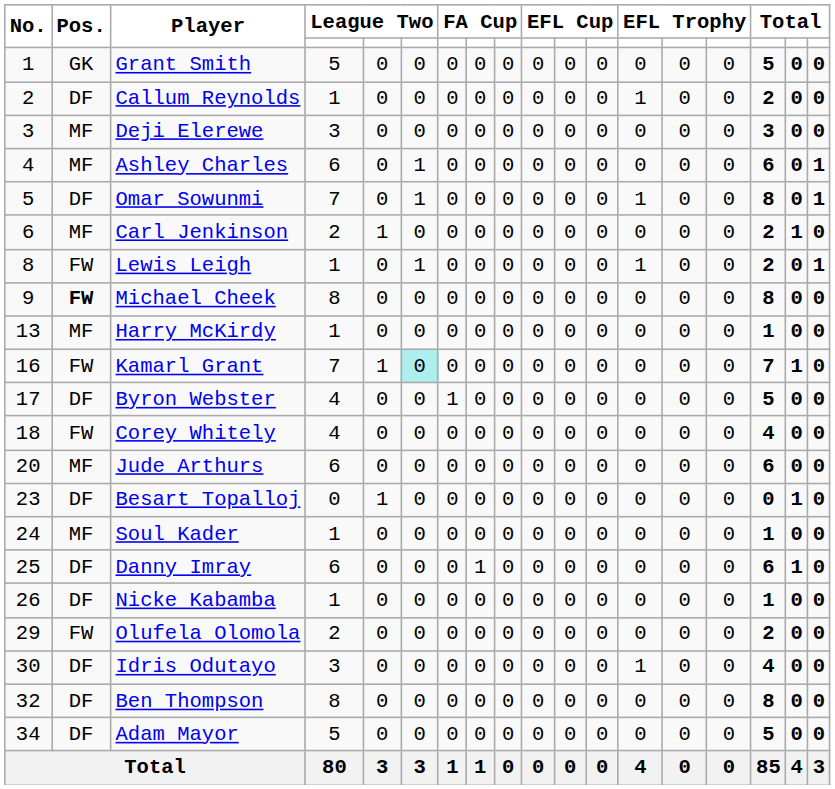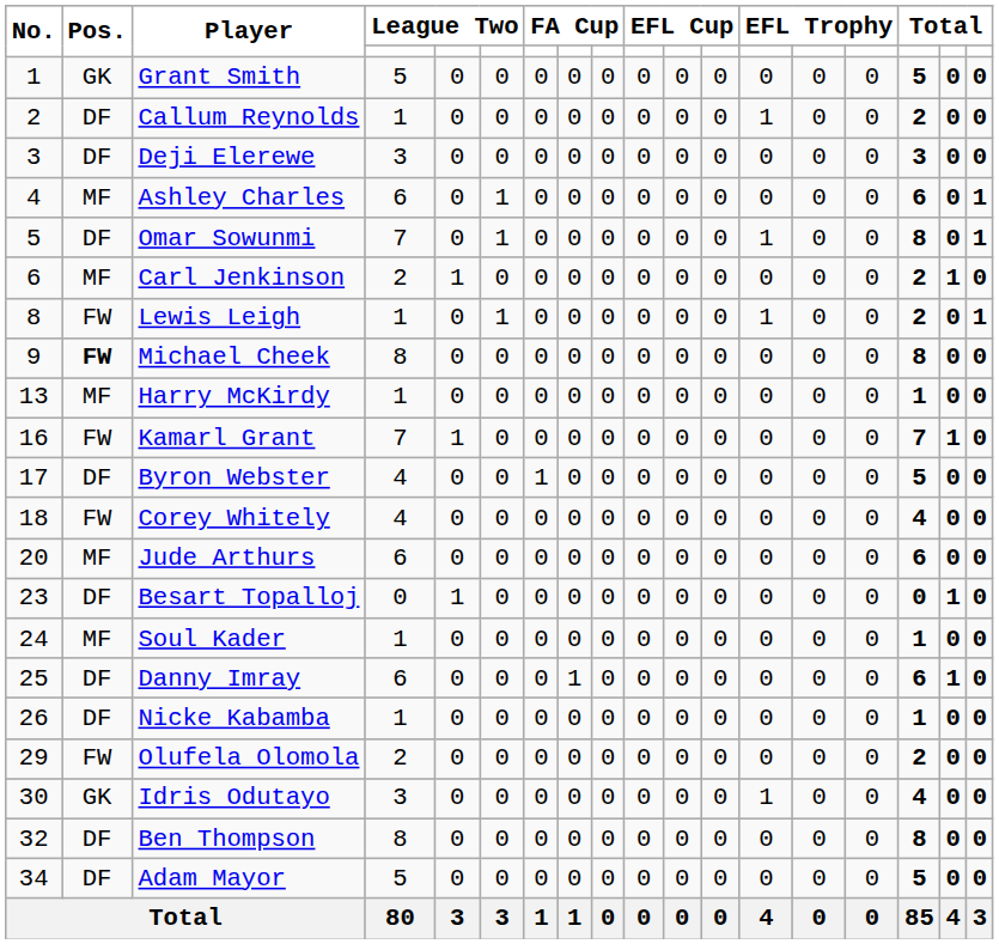 <table class="wikitable sortable" style="text-align:center">
 <tr>
 <th rowspan="2" style="background-color:white;color:black;">No.</th>
 <th rowspan="2" style="background-color:white;color:black;">Pos.</th>
 <th rowspan="2" style="background-color:white;color:black;">Player</th>
 <th colspan="3" style="background-color:white;color:black;">League Two</th>
 <th colspan="3" style="background-color:white;color:black;">FA Cup</th>
 <th colspan="3" style="background-color:white;color:black;">EFL Cup</th>
 <th colspan="3" style="background-color:white;color:black;">EFL Trophy</th>
 <th colspan="3" style="background-color:white;color:black;">Total</th>
 </tr>
 <tr>
 <th style="background-color:white;"></th>
 <th style="background-color:white;"></th>
 <th style="background-color:white;"></th>
 <th style="background-color:white;"></th>
 <th style="background-color:white;"></th>
 <th style="background-color:white;"></th>
 <th style="background-color:white;"></th>
 <th style="background-color:white;"></th>
 <th style="background-color:white;"></th>
 <th style="background-color:white;"></th>
 <th style="background-color:white;"></th>
 <th style="background-color:white;"></th>
 <th style="background-color:white;"></th>
 <th style="background-color:white;"></th>
 <th style="background-color:white;"></th>
 </tr>
 <tr>
 <td>1</td>
 <td>GK</td>
 <td align="left" style="text-align:left;"> <a href='#'>Grant Smith</a></td>
 <td>5</td>
 <td>0</td>
 <td>0</td>
 <td>0</td>
 <td>0</td>
 <td>0</td>
 <td>0</td>
 <td>0</td>
 <td>0</td>
 <td>0</td>
 <td>0</td>
 <td>0</td>
 <td><strong>5</strong></td>
 <td><strong>0</strong></td>
 <td><strong>0</strong></td>
 </tr>
 <tr>
 <td>2</td>
 <td>DF</td>
 <td align="left" style="text-align:left;"> <a href='#'>Callum Reynolds</a></td>
 <td>1</td>
 <td>0</td>
 <td>0</td>
 <td>0</td>
 <td>0</td>
 <td>0</td>
 <td>0</td>
 <td>0</td>
 <td>0</td>
 <td>1</td>
 <td>0</td>
 <td>0</td>
 <td><strong>2</strong></td>
 <td><strong>0</strong></td>
 <td><strong>0</strong></td>
 </tr>
 <tr>
 <td>3</td>
-<td>MF</td>
+<td>DF</td>
 <td align="left" style="text-align:left;"> <a href='#'>Deji Elerewe</a></td>
 <td>3</td>
 <td>0</td>
 <td>0</td>
 <td>0</td>
 <td>0</td>
 <td>0</td>
 <td>0</td>
 <td>0</td>
 <td>0</td>
 <td>0</td>
 <td>0</td>
 <td>0</td>
 <td><strong>3</strong></td>
 <td><strong>0</strong></td>
 <td><strong>0</strong></td>
 </tr>
 <tr>
 <td>4</td>
 <td>MF</td>
 <td align="left" style="text-align:left;"> <a href='#'>Ashley Charles</a></td>
 <td>6</td>
 <td>0</td>
 <td>1</td>
 <td>0</td>
 <td>0</td>
 <td>0</td>
 <td>0</td>
 <td>0</td>
 <td>0</td>
 <td>0</td>
 <td>0</td>
 <td>0</td>
 <td><strong>6</strong></td>
 <td><strong>0</strong></td>
 <td><strong>1</strong></td>
 </tr>
 <tr>
 <td>5</td>
 <td>DF</td>
 <td align="left" style="text-align:left;"> <a href='#'>Omar Sowunmi</a></td>
 <td>7</td>
 <td>0</td>
 <td>1</td>
 <td>0</td>
 <td>0</td>
 <td>0</td>
 <td>0</td>
 <td>0</td>
 <td>0</td>
 <td>1</td>
 <td>0</td>
 <td>0</td>
 <td><strong>8</strong></td>
 <td><strong>0</strong></td>
 <td><strong>1</strong></td>
 </tr>
 <tr>
 <td>6</td>
 <td>MF</td>
 <td align="left" style="text-align:left;"> <a href='#'>Carl Jenkinson</a></td>
 <td>2</td>
 <td>1</td>
 <td>0</td>
 <td>0</td>
 <td>0</td>
 <td>0</td>
 <td>0</td>
 <td>0</td>
 <td>0</td>
 <td>0</td>
 <td>0</td>
 <td>0</td>
 <td><strong>2</strong></td>
 <td><strong>1</strong></td>
 <td><strong>0</strong></td>
 </tr>
 <tr>
 <td>8</td>
 <td>FW</td>
 <td align="left" style="text-align:left;"> <a href='#'>Lewis Leigh</a></td>
 <td>1</td>
 <td>0</td>
 <td>1</td>
 <td>0</td>
 <td>0</td>
 <td>0</td>
 <td>0</td>
 <td>0</td>
 <td>0</td>
 <td>1</td>
 <td>0</td>
 <td>0</td>
 <td><strong>2</strong></td>
 <td><strong>0</strong></td>
 <td><strong>1</strong></td>
 </tr>
 <tr>
 <td>9</td>
 <td><strong>FW</strong></td>
 <td align="left" style="text-align:left;"> <a href='#'>Michael Cheek</a></td>
 <td>8</td>
 <td>0</td>
 <td>0</td>
 <td>0</td>
 <td>0</td>
 <td>0</td>
 <td>0</td>
 <td>0</td>
 <td>0</td>
 <td>0</td>
 <td>0</td>
 <td>0</td>
 <td><strong>8</strong></td>
 <td><strong>0</strong></td>
 <td><strong>0</strong></td>
 </tr>
 <tr>
 <td>13</td>
 <td>MF</td>
 <td align="left" style="text-align:left;"> <a href='#'>Harry McKirdy</a></td>
 <td>1</td>
 <td>0</td>
 <td>0</td>
 <td>0</td>
 <td>0</td>
 <td>0</td>
 <td>0</td>
 <td>0</td>
 <td>0</td>
 <td>0</td>
 <td>0</td>
 <td>0</td>
 <td><strong>1</strong></td>
 <td><strong>0</strong></td>
 <td><strong>0</strong></td>
 </tr>
 <tr>
 <td>16</td>
 <td>FW</td>
 <td align="left" style="text-align:left;"> <a href='#'>Kamarl Grant</a></td>
 <td>7</td>
 <td>1</td>
-<td style="background: paleturquoise;">0</td>
+<td>0</td>
 <td>0</td>
 <td>0</td>
 <td>0</td>
 <td>0</td>
 <td>0</td>
 <td>0</td>
 <td>0</td>
 <td>0</td>
 <td>0</td>
 <td><strong>7</strong></td>
 <td><strong>1</strong></td>
 <td><strong>0</strong></td>
 </tr>
 <tr>
 <td>17</td>
 <td>DF</td>
 <td align="left" style="text-align:left;"> <a href='#'>Byron Webster</a></td>
 <td>4</td>
 <td>0</td>
 <td>0</td>
 <td>1</td>
 <td>0</td>
 <td>0</td>
 <td>0</td>
 <td>0</td>
 <td>0</td>
 <td>0</td>
 <td>0</td>
 <td>0</td>
 <td><strong>5</strong></td>
 <td><strong>0</strong></td>
 <td><strong>0</strong></td>
 </tr>
 <tr>
 <td>18</td>
 <td>FW</td>
 <td align="left" style="text-align:left;"> <a href='#'>Corey Whitely</a></td>
 <td>4</td>
 <td>0</td>
 <td>0</td>
 <td>0</td>
 <td>0</td>
 <td>0</td>
 <td>0</td>
 <td>0</td>
 <td>0</td>
 <td>0</td>
 <td>0</td>
 <td>0</td>
 <td><strong>4</strong></td>
 <td><strong>0</strong></td>
 <td><strong>0</strong></td>
 </tr>
 <tr>
 <td>20</td>
 <td>MF</td>
 <td align="left" style="text-align:left;"> <a href='#'>Jude Arthurs</a></td>
 <td>6</td>
 <td>0</td>
 <td>0</td>
 <td>0</td>
 <td>0</td>
 <td>0</td>
 <td>0</td>
 <td>0</td>
 <td>0</td>
 <td>0</td>
 <td>0</td>
 <td>0</td>
 <td><strong>6</strong></td>
 <td><strong>0</strong></td>
 <td><strong>0</strong></td>
 </tr>
 <tr>
 <td>23</td>
 <td>DF</td>
 <td align="left" style="text-align:left;"> <a href='#'>Besart Topalloj</a></td>
 <td>0</td>
 <td>1</td>
 <td>0</td>
 <td>0</td>
 <td>0</td>
 <td>0</td>
 <td>0</td>
 <td>0</td>
 <td>0</td>
 <td>0</td>
 <td>0</td>
 <td>0</td>
 <td><strong>0</strong></td>
 <td><strong>1</strong></td>
 <td><strong>0</strong></td>
 </tr>
 <tr>
 <td>24</td>
 <td>MF</td>
 <td align="left" style="text-align:left;"> <a href='#'>Soul Kader</a></td>
 <td>1</td>
 <td>0</td>
 <td>0</td>
 <td>0</td>
 <td>0</td>
 <td>0</td>
 <td>0</td>
 <td>0</td>
 <td>0</td>
 <td>0</td>
 <td>0</td>
 <td>0</td>
 <td><strong>1</strong></td>
 <td><strong>0</strong></td>
 <td><strong>0</strong></td>
 </tr>
 <tr>
 <td>25</td>
 <td>DF</td>
 <td align="left" style="text-align:left;"> <a href='#'>Danny Imray</a></td>
 <td>6</td>
 <td>0</td>
 <td>0</td>
 <td>0</td>
 <td>1</td>
 <td>0</td>
 <td>0</td>
 <td>0</td>
 <td>0</td>
 <td>0</td>
 <td>0</td>
 <td>0</td>
 <td><strong>6</strong></td>
 <td><strong>1</strong></td>
 <td><strong>0</strong></td>
 </tr>
 <tr>
 <td>26</td>
 <td>DF</td>
 <td align="left" style="text-align:left;"> <a href='#'>Nicke Kabamba</a></td>
 <td>1</td>
 <td>0</td>
 <td>0</td>
 <td>0</td>
 <td>0</td>
 <td>0</td>
 <td>0</td>
 <td>0</td>
 <td>0</td>
 <td>0</td>
 <td>0</td>
 <td>0</td>
 <td><strong>1</strong></td>
 <td><strong>0</strong></td>
 <td><strong>0</strong></td>
 </tr>
 <tr>
 <td>29</td>
 <td>FW</td>
 <td align="left" style="text-align:left;"> <a href='#'>Olufela Olomola</a></td>
 <td>2</td>
 <td>0</td>
 <td>0</td>
 <td>0</td>
 <td>0</td>
 <td>0</td>
 <td>0</td>
 <td>0</td>
 <td>0</td>
 <td>0</td>
 <td>0</td>
 <td>0</td>
 <td><strong>2</strong></td>
 <td><strong>0</strong></td>
 <td><strong>0</strong></td>
 </tr>
 <tr>
 <td>30</td>
-<td>DF</td>
+<td>GK</td>
 <td align="left" style="text-align:left;"> <a href='#'>Idris Odutayo</a></td>
 <td>3</td>
 <td>0</td>
 <td>0</td>
 <td>0</td>
 <td>0</td>
 <td>0</td>
 <td>0</td>
 <td>0</td>
 <td>0</td>
 <td>1</td>
 <td>0</td>
 <td>0</td>
 <td><strong>4</strong></td>
 <td><strong>0</strong></td>
 <td><strong>0</strong></td>
 </tr>
 <tr>
 <td>32</td>
 <td>DF</td>
 <td align="left" style="text-align:left;"> <a href='#'>Ben Thompson</a></td>
 <td>8</td>
 <td>0</td>
 <td>0</td>
 <td>0</td>
 <td>0</td>
 <td>0</td>
 <td>0</td>
 <td>0</td>
 <td>0</td>
 <td>0</td>
 <td>0</td>
 <td>0</td>
 <td><strong>8</strong></td>
 <td><strong>0</strong></td>
 <td><strong>0</strong></td>
 </tr>
 <tr>
 <td>34</td>
 <td>DF</td>
 <td align="left" style="text-align:left;"> <a href='#'>Adam Mayor</a></td>
 <td>5</td>
 <td>0</td>
 <td>0</td>
 <td>0</td>
 <td>0</td>
 <td>0</td>
 <td>0</td>
 <td>0</td>
 <td>0</td>
 <td>0</td>
 <td>0</td>
 <td>0</td>
 <td><strong>5</strong></td>
 <td><strong>0</strong></td>
 <td><strong>0</strong></td>
 </tr>
 <tr class="sortbottom">
 <th colspan="3">Total</th>
 <th>80</th>
 <th>3</th>
 <th>3</th>
 <th>1</th>
 <th>1</th>
 <th>0</th>
 <th>0</th>
 <th>0</th>
 <th>0</th>
 <th>4</th>
 <th>0</th>
 <th>0</th>
 <th>85</th>
 <th>4</th>
 <th>3</th>
 </tr>
 </table>
